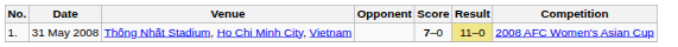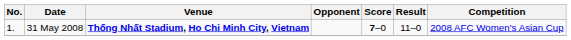 <table class="wikitable">
 <tr>
 <th>No.</th>
 <th>Date</th>
 <th>Venue</th>
 <th>Opponent</th>
 <th>Score</th>
 <th>Result</th>
 <th>Competition</th>
 </tr>
 <tr>
 <td>1.</td>
 <td>31 May 2008</td>
-<td><a href='#'>Thống Nhất Stadium</a>, <a href='#'>Ho Chi Minh City</a>, <a href='#'>Vietnam</a></td>
+<td><strong><a href='#'>Thống Nhất Stadium</a>, <a href='#'>Ho Chi Minh City</a>, <a href='#'>Vietnam</a></strong></td>
 <td></td>
 <td align=center><strong>7</strong>–0</td>
-<td align=center style="background: khaki;">11–0</td>
+<td align=center>11–0</td>
 <td><a href='#'>2008 AFC Women's Asian Cup</a></td>
 </tr>
 <tr>
 </tr>
 </table>
